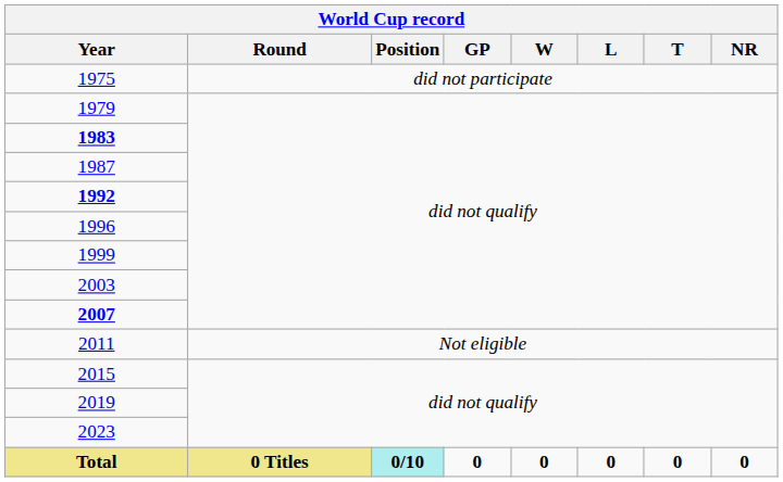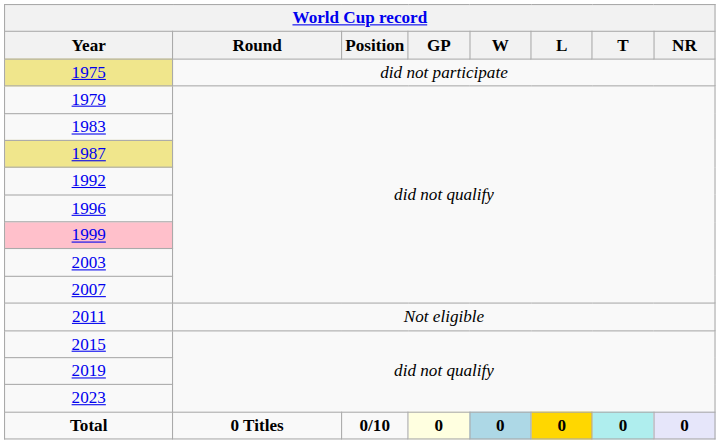 <table class="wikitable" style="text-align: center;">
 <tr>
 <th colspan="8"><a href='#'>World Cup record</a></th>
 </tr>
 <tr>
 <th width=150>Year</th>
 <th width=150>Round</th>
 <th width=50>Position</th>
 <th width=50>GP</th>
 <th width=50>W</th>
 <th width=50>L</th>
 <th width=50>T</th>
 <th width=50>NR</th>
 </tr>
 <tr>
-<td> <a href='#'>1975</a></td>
+<td style="background: khaki;"> <a href='#'>1975</a></td>
 <td colspan="7"><em>did not participate</em></td>
 </tr>
 <tr>
 <td> <a href='#'>1979</a></td>
 <td colspan="7" rowspan="8"><em>did not qualify</em></td>
 </tr>
 <tr>
-<td><strong> <a href='#'>1983</a></strong></td>
+<td> <a href='#'>1983</a></td>
 </tr>
 <tr>
-<td> <a href='#'>1987</a></td>
+<td style="background: khaki;"> <a href='#'>1987</a></td>
 </tr>
 <tr>
-<td><strong>  <a href='#'>1992</a></strong></td>
+<td>  <a href='#'>1992</a></td>
 </tr>
 <tr>
 <td>   <a href='#'>1996</a></td>
 </tr>
 <tr>
-<td> <a href='#'>1999</a></td>
+<td style="background: pink;"> <a href='#'>1999</a></td>
 </tr>
 <tr>
 <td> <a href='#'>2003</a></td>
 </tr>
 <tr>
-<td><strong> <a href='#'>2007</a></strong></td>
+<td> <a href='#'>2007</a></td>
 </tr>
 <tr>
 <td>   <a href='#'>2011</a></td>
 <td colspan="7"><em>Not eligible </em></td>
 </tr>
 <tr>
 <td>  <a href='#'>2015</a></td>
 <td colspan="7" rowspan="3"><em>did not qualify</em></td>
 </tr>
 <tr>
 <td> <a href='#'>2019</a></td>
 </tr>
 <tr>
 <td> <a href='#'>2023</a></td>
 </tr>
 <tr>
-<td style="background: khaki;"><strong>Total</strong></td>
-<td style="background: khaki;"><strong>0 Titles</strong></td>
-<td style="background: paleturquoise;"><strong>0/10</strong></td>
-<td><strong>0</strong></td>
-<td><strong>0</strong></td>
-<td><strong>0</strong></td>
-<td><strong>0</strong></td>
-<td><strong>0</strong></td>
+<td><strong>Total</strong></td>
+<td><strong>0 Titles</strong></td>
+<td><strong>0/10</strong></td>
+<td style="background: lightyellow;"><strong>0</strong></td>
+<td style="background: lightblue;"><strong>0</strong></td>
+<td style="background: gold;"><strong>0</strong></td>
+<td style="background: paleturquoise;"><strong>0</strong></td>
+<td style="background: lavender;"><strong>0</strong></td>
 </tr>
 </table>
